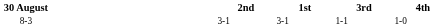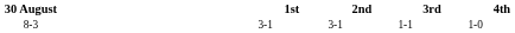 <table width=60% cellspacing=1>
 <tr>
 <th width=20%></th>
 <th width=12%>30 August</th>
 <th width=20%></th>
+<th width=8%>1st</th>
 <th width=8%>2nd</th>
-<th width=8%>1st</th>
 <th width=8%>3rd</th>
 <th width=8%>4th</th>
 </tr>
 <tr style=font-size:90%>
 <td align=right><strong></strong></td>
 <td align=center>8-3</td>
 <td></td>
 <td>3-1</td>
 <td>3-1</td>
 <td>1-1</td>
 <td>1-0</td>
 </tr>
 </table>
